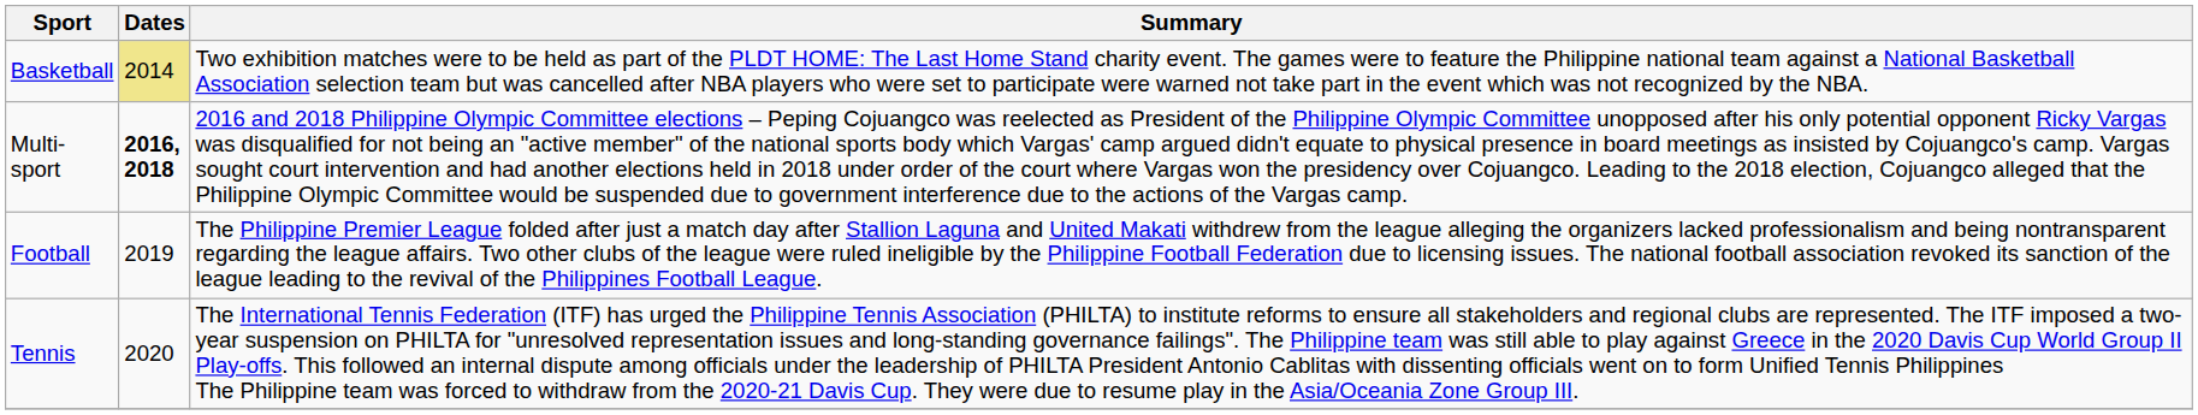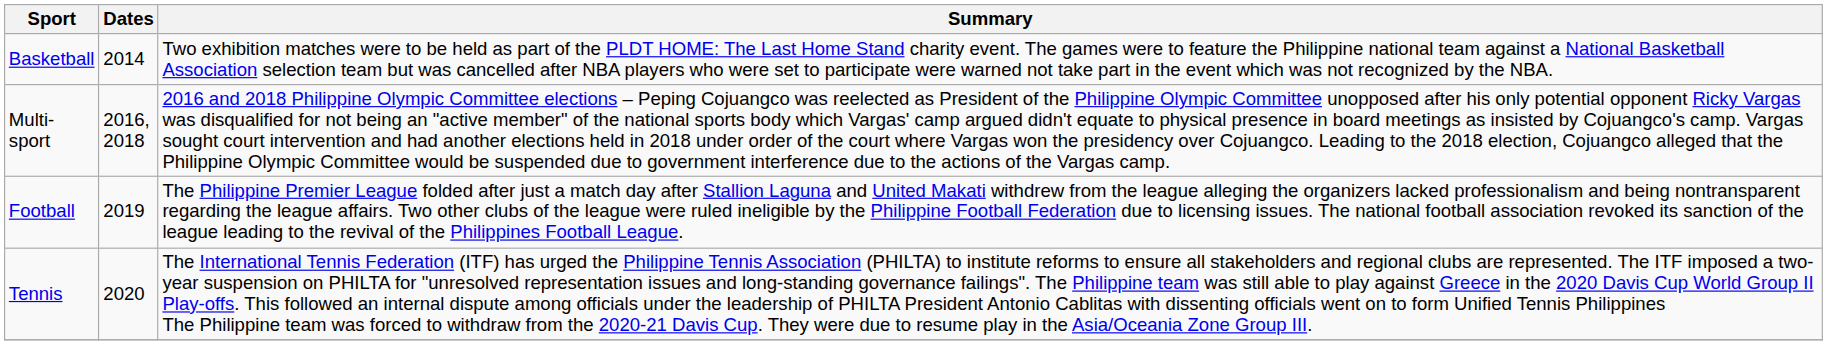 <table class="wikitable sortable">
 <tr>
 <th>Sport <br></th>
 <th>Dates<br></th>
 <th>Summary</th>
 </tr>
 <tr>
 <td><a href='#'>Basketball</a></td>
-<td style="background: khaki;">2014</td>
+<td>2014</td>
 <td>Two exhibition matches were to be held as part of the <a href='#'>PLDT HOME: The Last Home Stand</a> charity event. The games were to feature the Philippine national team against a <a href='#'>National Basketball Association</a> selection team but was cancelled after NBA players who were set to participate were warned not take part in the event which was not recognized by the NBA.</td>
 </tr>
 <tr>
 <td>Multi-sport</td>
-<td><strong>2016,<br>2018</strong></td>
+<td>2016,<br>2018</td>
 <td><a href='#'>2016 and 2018 Philippine Olympic Committee elections</a> – Peping Cojuangco was reelected as President of the <a href='#'>Philippine Olympic Committee</a> unopposed after his only potential opponent <a href='#'>Ricky Vargas</a> was disqualified for not being an  "active member" of the national sports body which Vargas' camp argued didn't equate to physical presence in board meetings as insisted by Cojuangco's camp. Vargas sought court intervention and had another elections held in 2018 under order of the court where Vargas won the presidency over Cojuangco. Leading to the 2018 election, Cojuangco alleged that the Philippine Olympic Committee would be suspended due to government interference due to the actions of the Vargas camp.</td>
 </tr>
 <tr>
 <td><a href='#'>Football</a></td>
 <td>2019</td>
 <td>The <a href='#'>Philippine Premier League</a> folded after just a match day after <a href='#'>Stallion Laguna</a> and <a href='#'>United Makati</a> withdrew from the league alleging the organizers lacked professionalism and being nontransparent regarding the league affairs. Two other clubs of the league were ruled ineligible by the <a href='#'>Philippine Football Federation</a> due to licensing issues. The national football association revoked its sanction of the league leading to the revival of the <a href='#'>Philippines Football League</a>.</td>
 </tr>
 <tr>
 <td><a href='#'>Tennis</a></td>
 <td>2020</td>
 <td>The <a href='#'>International Tennis Federation</a> (ITF) has urged the <a href='#'>Philippine Tennis Association</a> (PHILTA) to institute reforms to ensure all stakeholders and regional clubs are represented. The ITF imposed a two-year suspension on PHILTA for "unresolved representation issues and long-standing governance failings". The <a href='#'>Philippine team</a> was still able to play against <a href='#'>Greece</a> in the <a href='#'>2020 Davis Cup World Group II Play-offs</a>. This followed an internal dispute among officials under the leadership of PHILTA President Antonio Cablitas with dissenting officials went on to form Unified Tennis Philippines <br>The Philippine team was forced to withdraw from the <a href='#'>2020-21 Davis Cup</a>. They were due to resume play in the <a href='#'>Asia/Oceania Zone Group III</a>.</td>
 </tr>
 <tr>
 </tr>
 </table>
